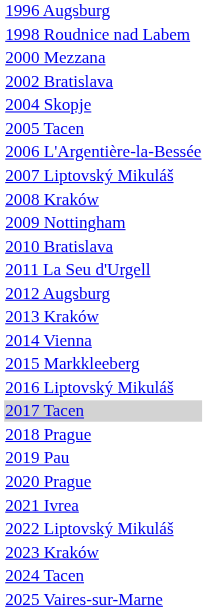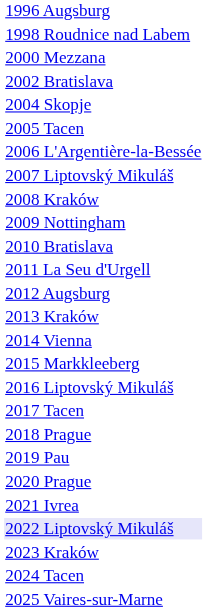 <table>
 <tr>
 <td><a href='#'>1996 Augsburg</a></td>
 <td></td>
 <td></td>
 <td></td>
 </tr>
 <tr>
 <td><a href='#'>1998 Roudnice nad Labem</a></td>
 <td></td>
 <td></td>
 <td></td>
 </tr>
 <tr>
 <td><a href='#'>2000 Mezzana</a></td>
 <td></td>
 <td></td>
 <td></td>
 </tr>
 <tr>
 <td><a href='#'>2002 Bratislava</a></td>
 <td></td>
 <td></td>
 <td></td>
 </tr>
 <tr>
 <td><a href='#'>2004 Skopje</a></td>
 <td></td>
 <td></td>
 <td></td>
 </tr>
 <tr>
 <td><a href='#'>2005 Tacen</a></td>
 <td></td>
 <td></td>
 <td></td>
 </tr>
 <tr>
 <td><a href='#'>2006 L'Argentière-la-Bessée</a></td>
 <td></td>
 <td></td>
 <td></td>
 </tr>
 <tr>
 <td><a href='#'>2007 Liptovský Mikuláš</a></td>
 <td></td>
 <td></td>
 <td></td>
 </tr>
 <tr>
 <td><a href='#'>2008 Kraków</a></td>
 <td></td>
 <td></td>
 <td></td>
 </tr>
 <tr>
 <td><a href='#'>2009 Nottingham</a></td>
 <td></td>
 <td></td>
 <td></td>
 </tr>
 <tr>
 <td><a href='#'>2010 Bratislava</a></td>
 <td></td>
 <td></td>
 <td></td>
 </tr>
 <tr>
 <td><a href='#'>2011 La Seu d'Urgell</a></td>
 <td></td>
 <td></td>
 <td></td>
 </tr>
 <tr>
 <td><a href='#'>2012 Augsburg</a></td>
 <td></td>
 <td></td>
 <td></td>
 </tr>
 <tr>
 <td><a href='#'>2013 Kraków</a></td>
 <td></td>
 <td></td>
 <td></td>
 </tr>
 <tr>
 <td><a href='#'>2014 Vienna</a></td>
 <td></td>
 <td></td>
 <td></td>
 </tr>
 <tr>
 <td><a href='#'>2015 Markkleeberg</a></td>
 <td></td>
 <td></td>
 <td></td>
 </tr>
 <tr>
 <td><a href='#'>2016 Liptovský Mikuláš</a></td>
 <td></td>
 <td></td>
 <td></td>
 </tr>
 <tr>
-<td style="background: lightgrey;"><a href='#'>2017 Tacen</a></td>
+<td><a href='#'>2017 Tacen</a></td>
 <td></td>
 <td></td>
 <td></td>
 </tr>
 <tr>
 <td><a href='#'>2018 Prague</a></td>
 <td></td>
 <td></td>
 <td></td>
 </tr>
 <tr>
 <td><a href='#'>2019 Pau</a></td>
 <td></td>
 <td></td>
 <td></td>
 </tr>
 <tr>
 <td><a href='#'>2020 Prague</a></td>
 <td></td>
 <td></td>
 <td></td>
 </tr>
 <tr>
 <td><a href='#'>2021 Ivrea</a></td>
 <td></td>
 <td></td>
 <td></td>
 </tr>
 <tr>
-<td><a href='#'>2022 Liptovský Mikuláš</a></td>
+<td style="background: lavender;"><a href='#'>2022 Liptovský Mikuláš</a></td>
 <td></td>
 <td></td>
 <td></td>
 </tr>
 <tr>
 <td><a href='#'>2023 Kraków</a></td>
 <td></td>
 <td></td>
 <td></td>
 </tr>
 <tr>
 <td><a href='#'>2024 Tacen</a></td>
 <td></td>
 <td></td>
 <td></td>
 </tr>
 <tr>
 <td><a href='#'>2025 Vaires-sur-Marne</a></td>
 <td></td>
 <td></td>
 <td></td>
 </tr>
 </table>
